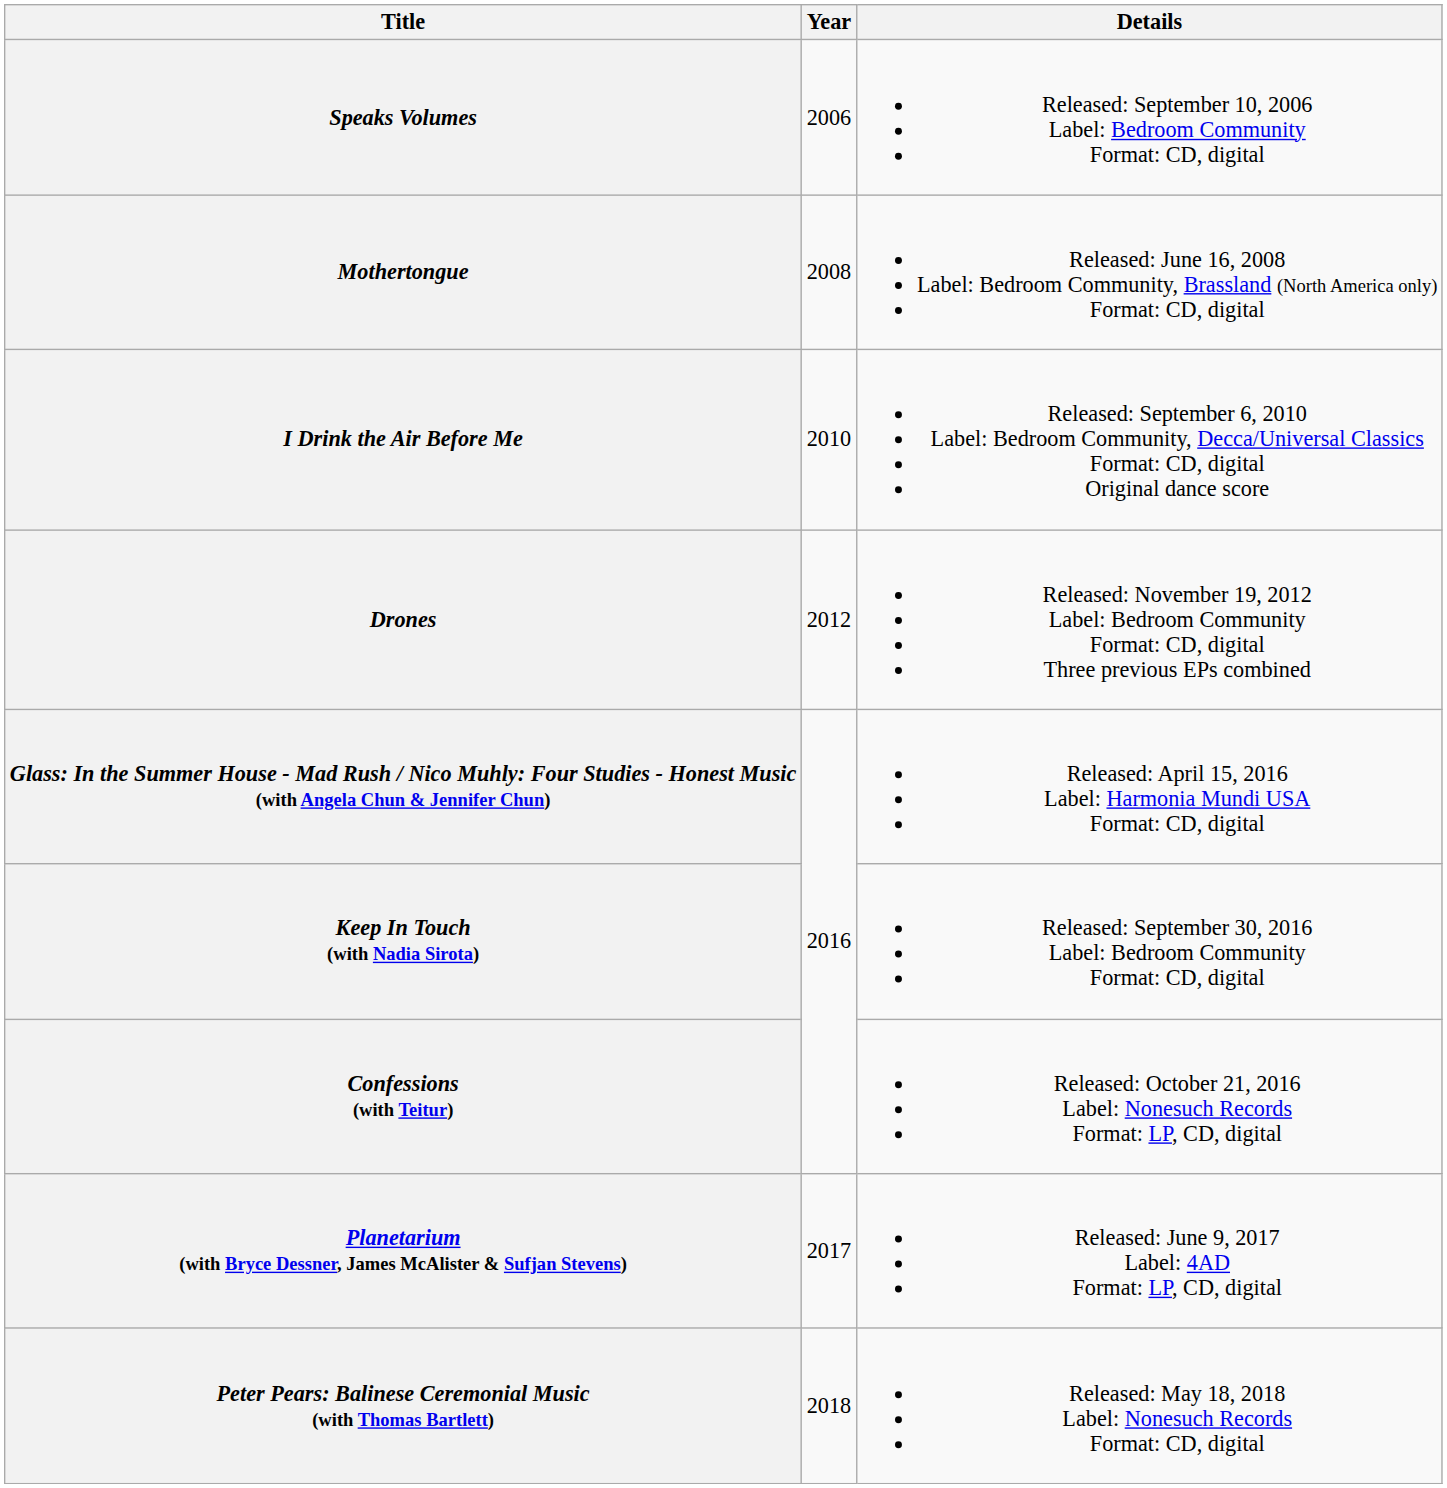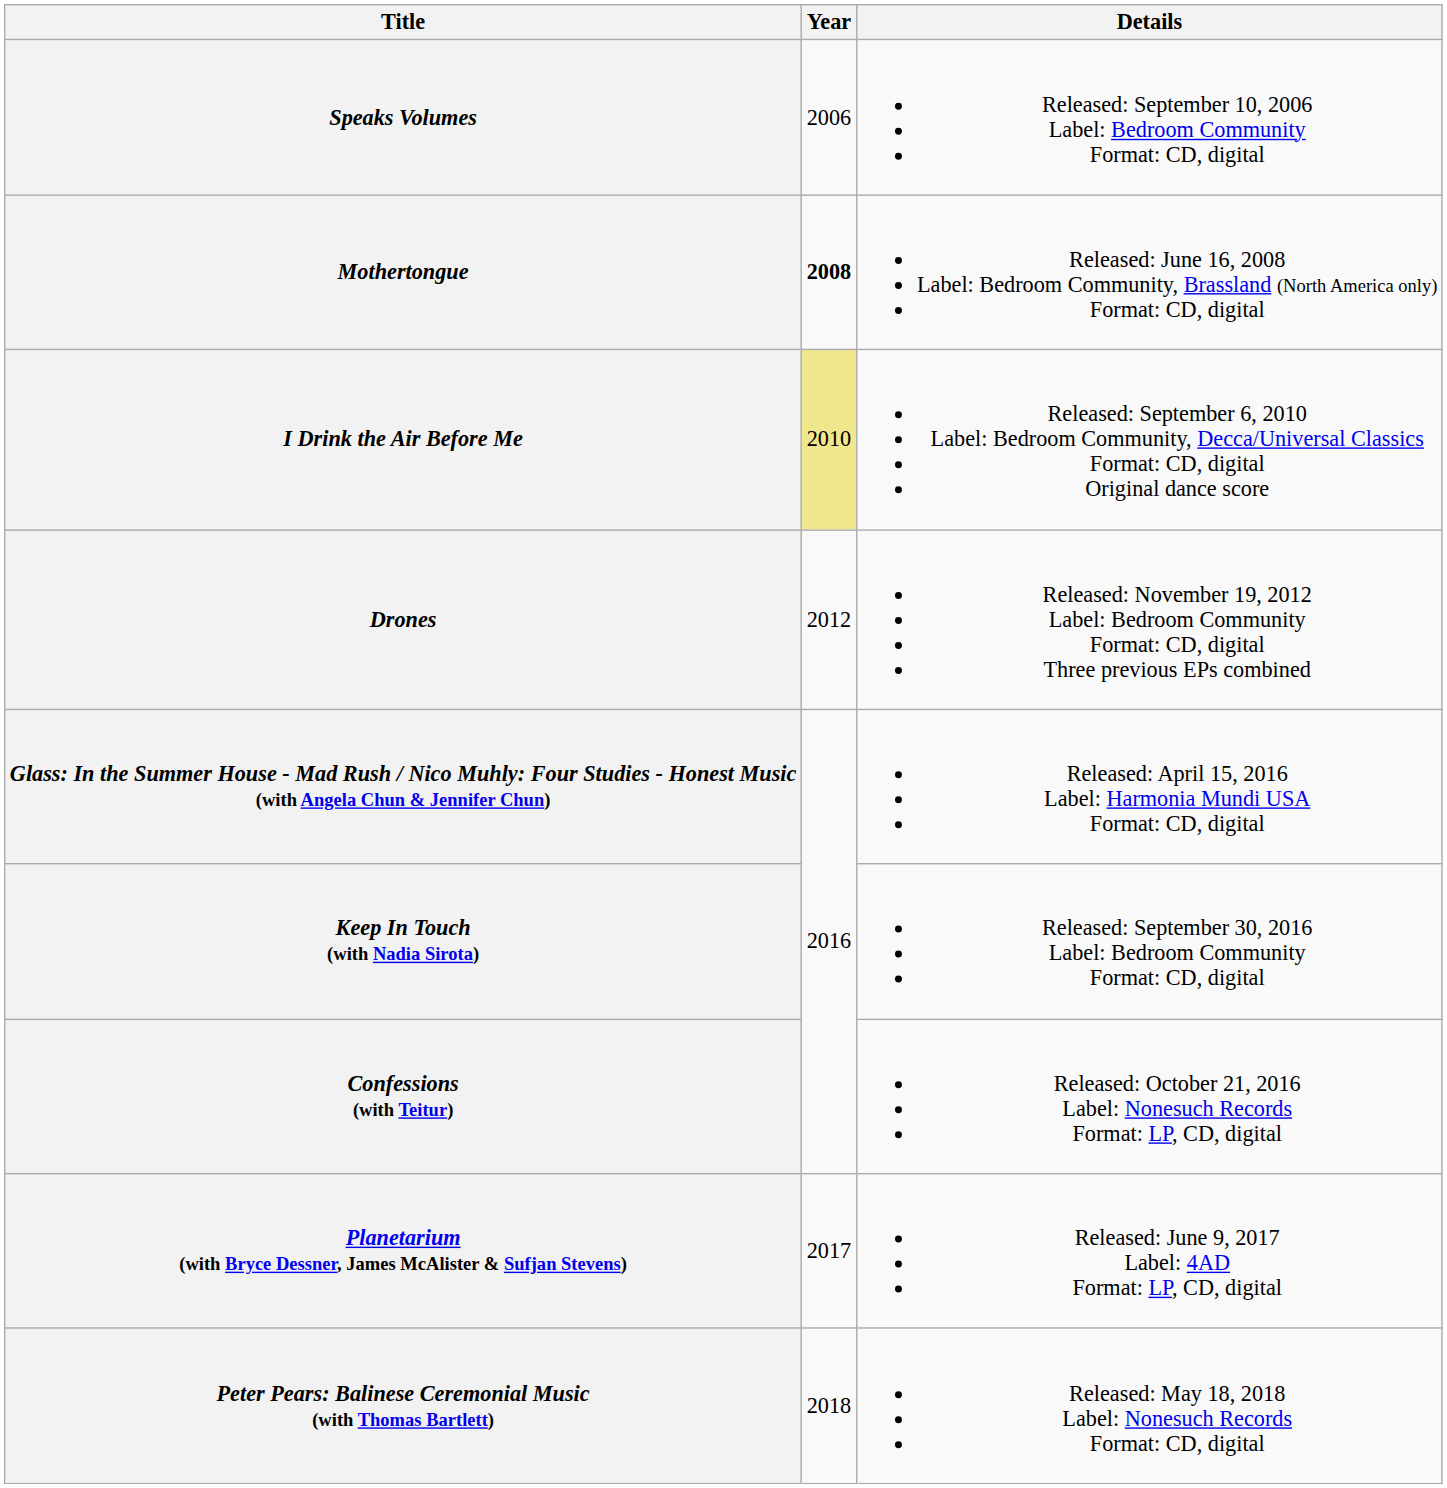 <table class="wikitable plainrowheaders" style="text-align:center;">
 <tr>
 <th scope="col">Title</th>
 <th scope="col">Year</th>
 <th scope="col">Details</th>
 </tr>
 <tr>
 <th scope="row"><em>Speaks Volumes</em></th>
 <td>2006</td>
 <td><br><ul><li>Released: September 10, 2006</li><li>Label: <a href='#'>Bedroom Community</a></li><li>Format: CD, digital</li></ul></td>
 </tr>
 <tr>
 <th scope="row"><em>Mothertongue</em></th>
-<td>2008</td>
+<td><strong>2008</strong></td>
 <td><br><ul><li>Released: June 16, 2008</li><li>Label: Bedroom Community, <a href='#'>Brassland</a> <small>(North America only)</small></li><li>Format: CD, digital</li></ul></td>
 </tr>
 <tr>
 <th scope="row"><em>I Drink the Air Before Me</em></th>
-<td>2010</td>
+<td style="background: khaki;">2010</td>
 <td><br><ul><li>Released: September 6, 2010</li><li>Label: Bedroom Community, <a href='#'>Decca/Universal Classics</a></li><li>Format: CD, digital</li><li>Original dance score</li></ul></td>
 </tr>
 <tr>
 <th scope="row"><em>Drones</em></th>
 <td>2012</td>
 <td><br><ul><li>Released: November 19, 2012</li><li>Label: Bedroom Community</li><li>Format: CD, digital</li><li>Three previous EPs combined</li></ul></td>
 </tr>
 <tr>
 <th scope="row"><em>Glass: In the Summer House - Mad Rush / Nico Muhly: Four Studies - Honest Music</em><br><small>(with <a href='#'>Angela Chun & Jennifer Chun</a>)</small></th>
 <td rowspan="3">2016</td>
 <td><br><ul><li>Released: April 15, 2016</li><li>Label: <a href='#'>Harmonia Mundi USA</a></li><li>Format: CD, digital</li></ul></td>
 </tr>
 <tr>
 <th scope="row"><em>Keep In Touch</em><br><small>(with <a href='#'>Nadia Sirota</a>)</small></th>
 <td><br><ul><li>Released: September 30, 2016</li><li>Label: Bedroom Community</li><li>Format: CD, digital</li></ul></td>
 </tr>
 <tr>
 <th scope="row"><em>Confessions</em><br><small>(with <a href='#'>Teitur</a>)</small></th>
 <td><br><ul><li>Released: October 21, 2016</li><li>Label: <a href='#'>Nonesuch Records</a></li><li>Format: <a href='#'>LP</a>, CD, digital</li></ul></td>
 </tr>
 <tr>
 <th scope="row"><em><a href='#'>Planetarium</a></em><br><small>(with <a href='#'>Bryce Dessner</a>, James McAlister & <a href='#'>Sufjan Stevens</a>)</small></th>
 <td>2017</td>
 <td><br><ul><li>Released: June 9, 2017</li><li>Label: <a href='#'>4AD</a></li><li>Format: <a href='#'>LP</a>, CD, digital</li></ul></td>
 </tr>
 <tr>
 <th scope="row"><em>Peter Pears: Balinese Ceremonial Music</em><br><small>(with <a href='#'>Thomas Bartlett</a>)</small></th>
 <td>2018</td>
 <td><br><ul><li>Released: May 18, 2018</li><li>Label: <a href='#'>Nonesuch Records</a></li><li>Format: CD, digital</li></ul></td>
 </tr>
 </table>
